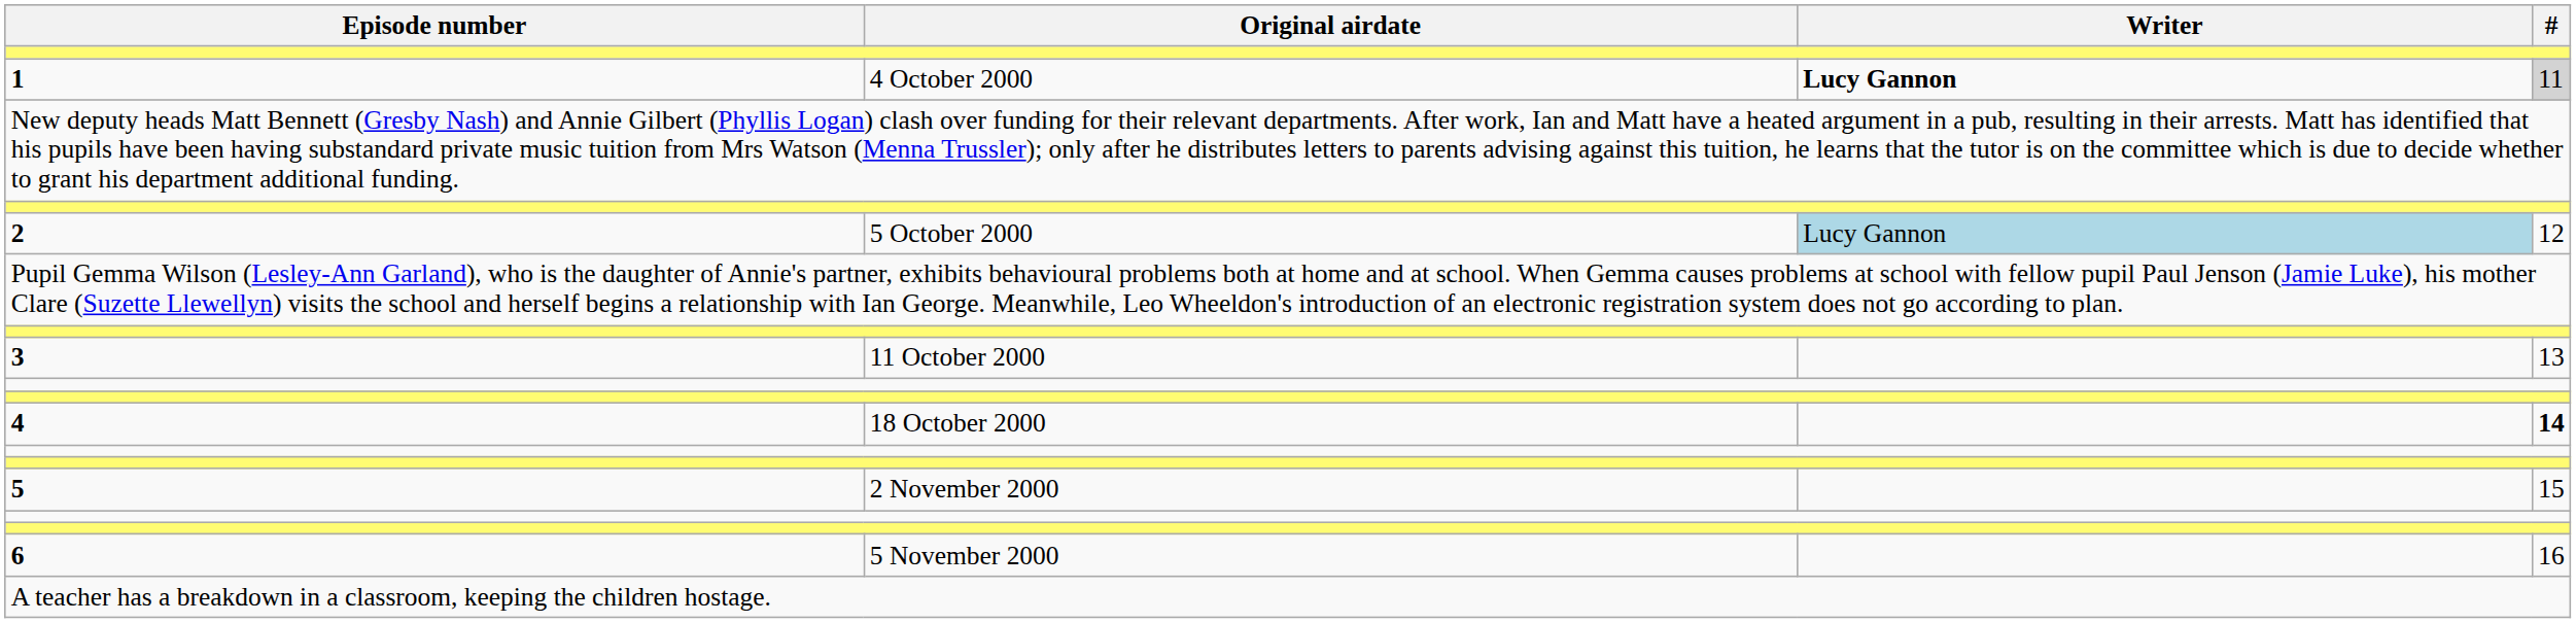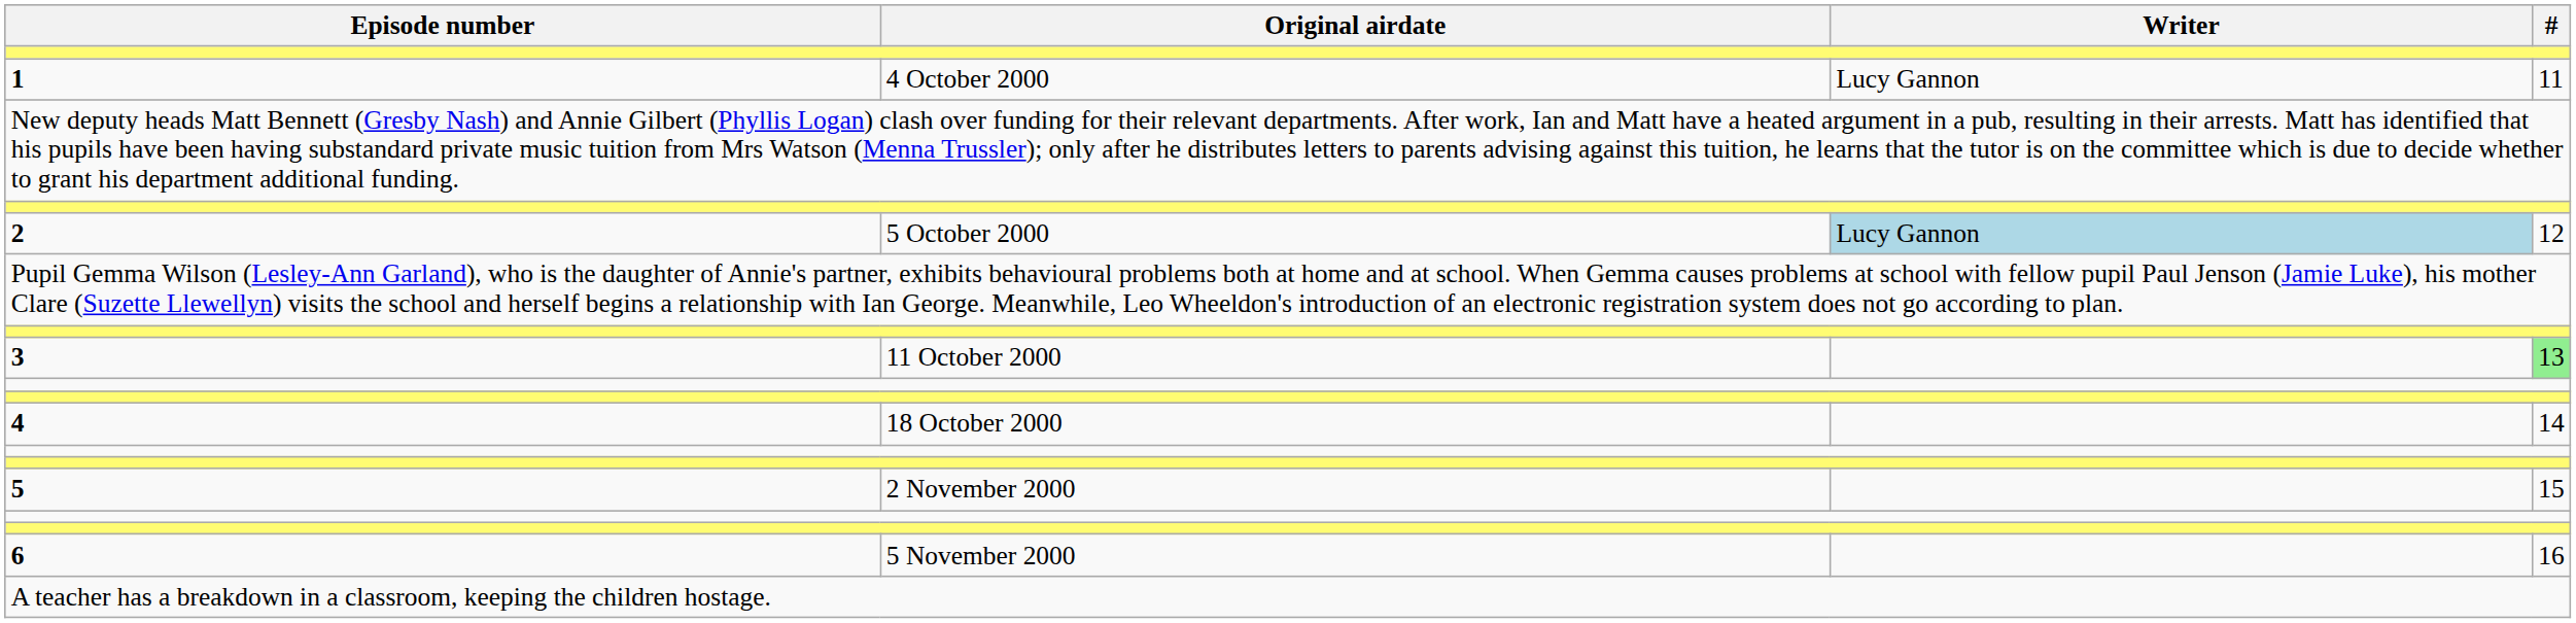 <table class="wikitable" style="width:99%;">
 <tr>
 <th>Episode number</th>
 <th>Original airdate</th>
 <th>Writer</th>
 <th style="width:15px;">#</th>
 </tr>
 <tr id="s3ep1">
 <td colspan="6" style="background:#fffc72;"></td>
 </tr>
 <tr>
 <td rowspan="1"><strong>1</strong></td>
 <td>4 October 2000</td>
-<td><strong>Lucy Gannon</strong></td>
-<td style="background: lightgrey;">11</td>
+<td>Lucy Gannon</td>
+<td>11</td>
 </tr>
 <tr>
 <td colspan="6">New deputy heads Matt Bennett (<a href='#'>Gresby Nash</a>) and Annie Gilbert (<a href='#'>Phyllis Logan</a>) clash over funding for their relevant departments. After work, Ian and Matt have a heated argument in a pub, resulting in their arrests. Matt has identified that his pupils have been having substandard private music tuition from Mrs Watson (<a href='#'>Menna Trussler</a>); only after he distributes letters to parents advising against this tuition, he learns that the tutor is on the committee which is due to decide whether to grant his department additional funding.</td>
 </tr>
 <tr id="s3ep2">
 <td colspan="6" style="background:#fffc72;"></td>
 </tr>
 <tr>
 <td rowspan="1"><strong>2</strong></td>
 <td>5 October 2000</td>
 <td style="background: lightblue;">Lucy Gannon</td>
 <td>12</td>
 </tr>
 <tr>
 <td colspan="6">Pupil Gemma Wilson (<a href='#'>Lesley-Ann Garland</a>), who is the daughter of Annie's partner, exhibits behavioural problems both at home and at school. When Gemma causes problems at school with fellow pupil Paul Jenson (<a href='#'>Jamie Luke</a>), his mother Clare (<a href='#'>Suzette Llewellyn</a>) visits the school and herself begins a relationship with Ian George. Meanwhile, Leo Wheeldon's introduction of an electronic registration system does not go according to plan.</td>
 </tr>
 <tr id="s3ep3">
 <td colspan="6" style="background:#fffc72;"></td>
 </tr>
 <tr>
 <td rowspan="1"><strong>3</strong></td>
 <td>11 October 2000</td>
 <td></td>
-<td>13</td>
+<td style="background: lightgreen;">13</td>
 </tr>
 <tr>
 <td colspan="6"></td>
 </tr>
 <tr id="s3ep4">
 <td colspan="6" style="background:#fffc72;"></td>
 </tr>
 <tr>
 <td rowspan="1"><strong>4</strong></td>
 <td>18 October 2000</td>
 <td></td>
-<td><strong>14</strong></td>
+<td>14</td>
 </tr>
 <tr>
 <td colspan="6"></td>
 </tr>
 <tr id="s3ep5">
 <td colspan="6" style="background:#fffc72;"></td>
 </tr>
 <tr>
 <td rowspan="1"><strong>5</strong></td>
 <td>2 November 2000</td>
 <td></td>
 <td>15</td>
 </tr>
 <tr>
 <td colspan="6"></td>
 </tr>
 <tr id="s3ep6">
 <td colspan="6" style="background:#fffc72;"></td>
 </tr>
 <tr>
 <td rowspan="1"><strong>6</strong></td>
 <td>5 November 2000</td>
 <td></td>
 <td>16</td>
 </tr>
 <tr>
 <td colspan="6">A teacher has a breakdown in a classroom, keeping the children hostage.</td>
 </tr>
 </table>
